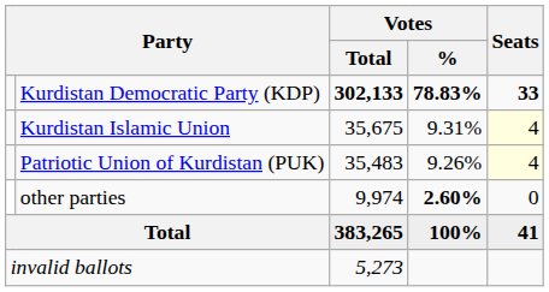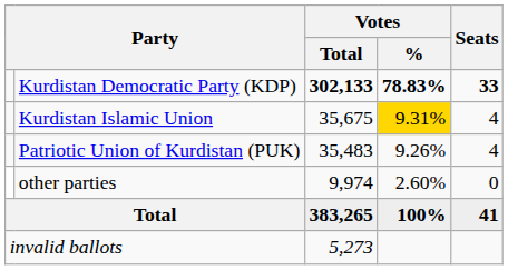 <table class="wikitable sortable" style="font-size:95%">
 <tr style="background-color:#EEE;">
 <th colspan="2" rowspan="2" class="unsortable">Party</th>
 <th colspan="2">Votes</th>
 <th rowspan="2">Seats</th>
 </tr>
 <tr style="background-color:#EEE;">
 <th>Total</th>
 <th>%</th>
 </tr>
 <tr>
 <td></td>
 <td><a href='#'>Kurdistan Democratic Party</a> (KDP)</td>
 <td align="right"><strong>302,133</strong></td>
 <td align="right"><strong>78.83%</strong></td>
 <td align="right"><strong>33</strong></td>
 </tr>
 <tr>
 <td></td>
 <td><a href='#'>Kurdistan Islamic Union</a></td>
 <td align="right">35,675</td>
-<td align="right">9.31%</td>
-<td align="right" style="background: lightyellow;">4</td>
+<td align="right" style="background: gold;">9.31%</td>
+<td align="right">4</td>
 </tr>
 <tr>
 <td></td>
 <td><a href='#'>Patriotic Union of Kurdistan</a> (PUK)</td>
 <td align="right">35,483</td>
 <td align="right">9.26%</td>
-<td align="right" style="background: lightyellow;">4</td>
+<td align="right">4</td>
 </tr>
 <tr>
 <td bgcolor="#fff"></td>
 <td>other parties</td>
 <td align="right">9,974</td>
-<td align="right"><strong>2.60%</strong></td>
+<td align="right">2.60%</td>
 <td align="right">0</td>
 </tr>
 <tr class="sortbottom" bgcolor="#EEE">
 <th colspan=2>Total</th>
 <td align="right"><strong>383,265</strong></td>
 <td align="right"><strong>100%</strong></td>
 <td align="right"><strong>41</strong></td>
 </tr>
 <tr class="sortbottom">
 <td colspan=2><em>invalid ballots</em></td>
 <td align="right"><em>5,273</em></td>
 <td align="right"></td>
 <td align="right"></td>
 </tr>
 </table>
